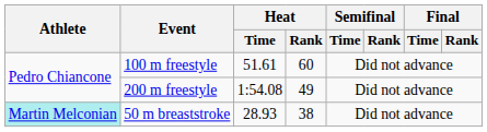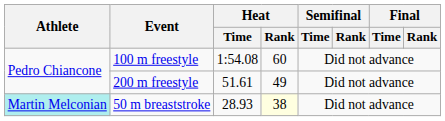 <table class="wikitable" style="text-align:center; font-size:90%">
 <tr>
 <th rowspan="2">Athlete</th>
 <th rowspan="2">Event</th>
 <th colspan="2">Heat</th>
 <th colspan="2">Semifinal</th>
 <th colspan="2">Final</th>
 </tr>
 <tr style="font-size:95%">
 <th>Time</th>
 <th>Rank</th>
 <th>Time</th>
 <th>Rank</th>
 <th>Time</th>
 <th>Rank</th>
 </tr>
 <tr>
 <td align=left rowspan=2><a href='#'>Pedro Chiancone</a></td>
 <td align=left><a href='#'>100 m freestyle</a></td>
-<td>51.61</td>
+<td>1:54.08</td>
 <td>60</td>
 <td colspan=4>Did not advance</td>
 </tr>
 <tr>
 <td align=left><a href='#'>200 m freestyle</a></td>
-<td>1:54.08</td>
+<td>51.61</td>
 <td>49</td>
 <td colspan=4>Did not advance</td>
 </tr>
 <tr>
 <td align=left style="background: paleturquoise;"><a href='#'>Martin Melconian</a></td>
 <td align=left><a href='#'>50 m breaststroke</a></td>
 <td>28.93</td>
-<td>38</td>
+<td style="background: lightyellow;">38</td>
 <td colspan=4>Did not advance</td>
 </tr>
 </table>
